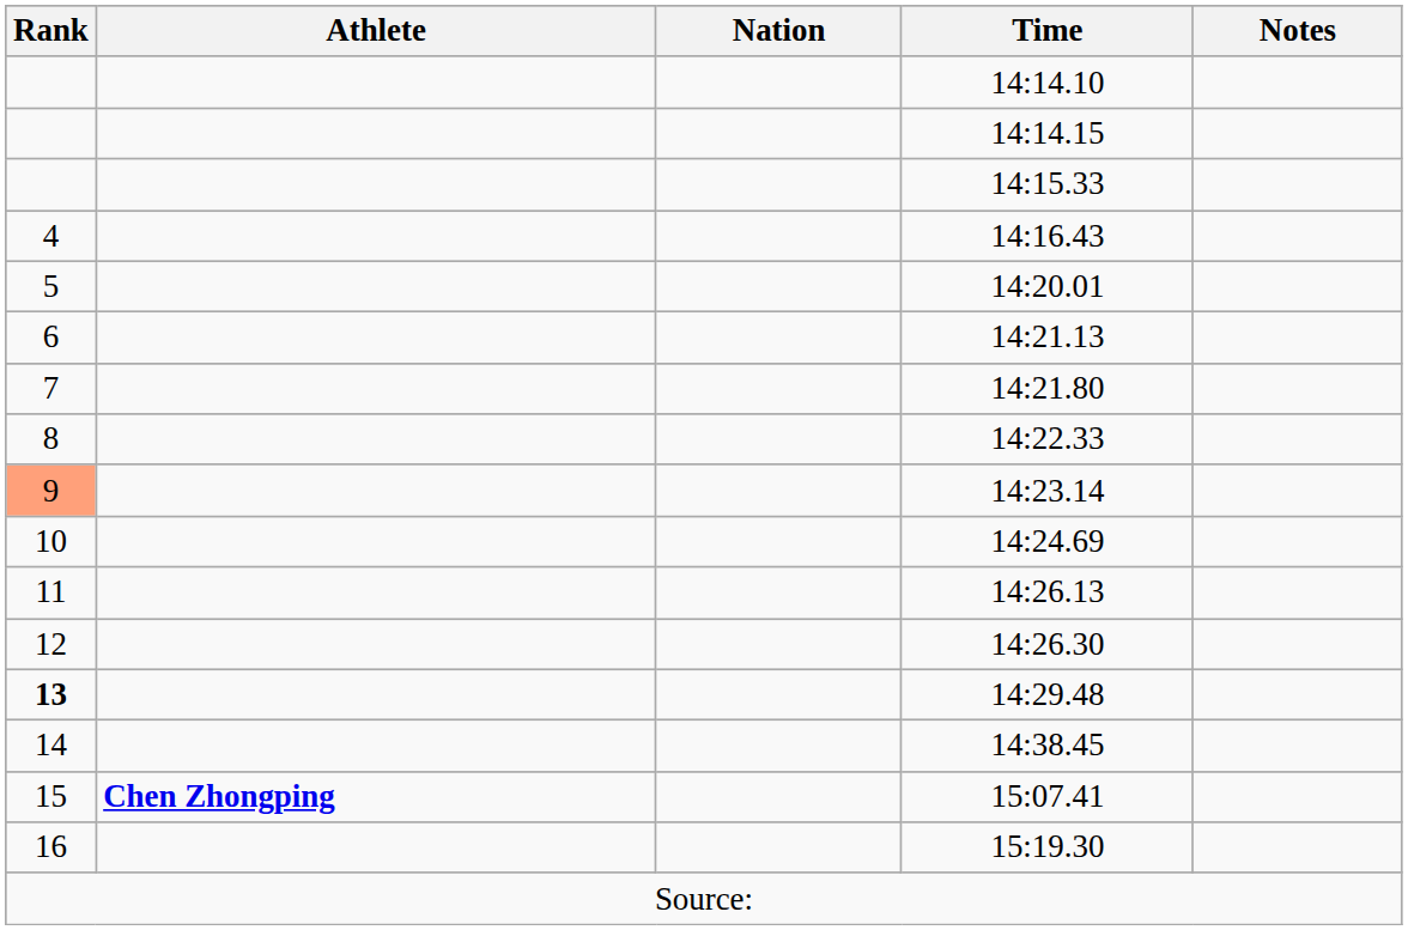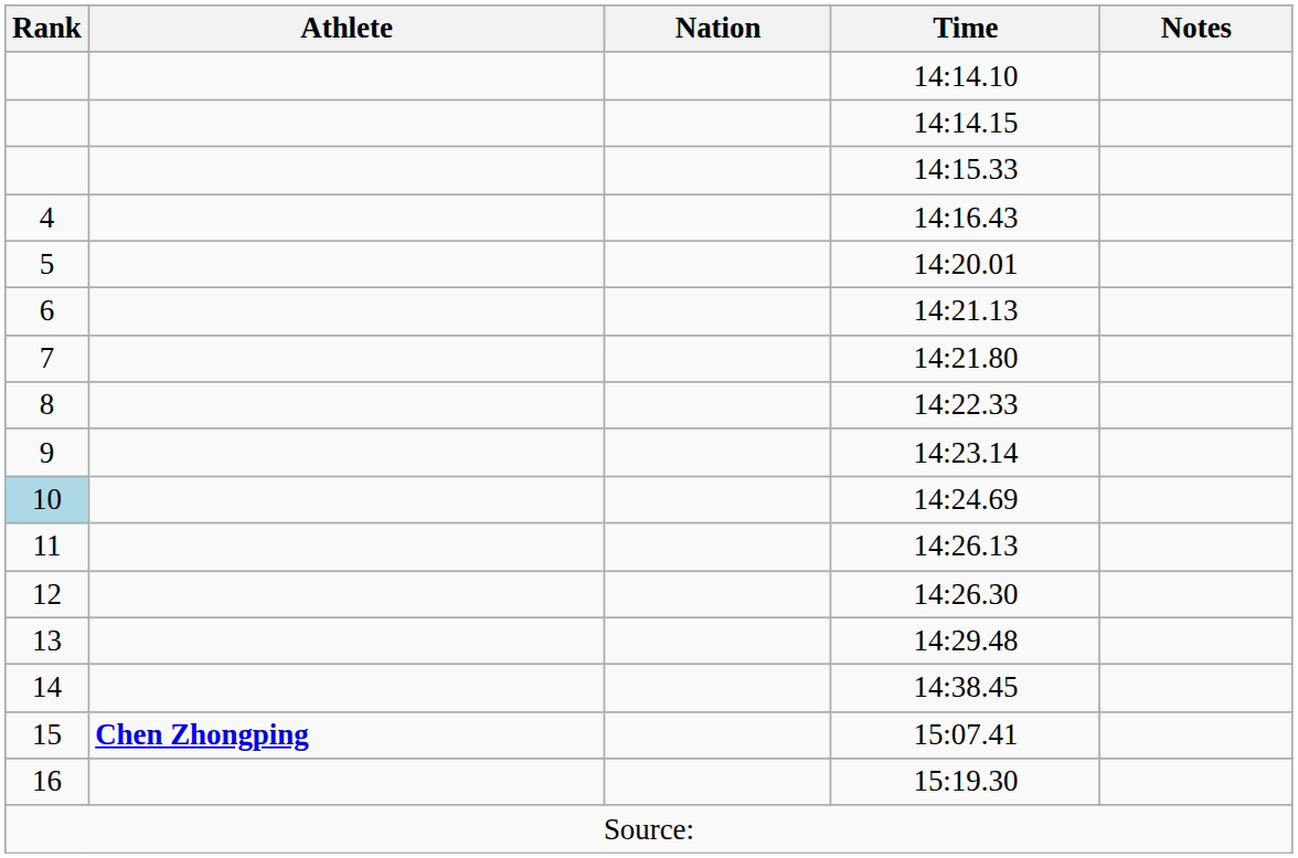 <table class="wikitable sortable" style="text-align:center;width: 55%;">
 <tr>
 <th scope="col" style="width: 10px;">Rank</th>
 <th scope="col">Athlete</th>
 <th scope="col">Nation</th>
 <th scope="col">Time</th>
 <th scope="col">Notes</th>
 </tr>
 <tr>
 <td></td>
 <td align=left></td>
 <td align=left></td>
 <td>14:14.10</td>
 <td></td>
 </tr>
 <tr>
 <td></td>
 <td align=left></td>
 <td align=left></td>
 <td>14:14.15</td>
 <td></td>
 </tr>
 <tr>
 <td></td>
 <td align=left></td>
 <td align=left></td>
 <td>14:15.33</td>
 <td></td>
 </tr>
 <tr>
 <td>4</td>
 <td align=left></td>
 <td align=left></td>
 <td>14:16.43</td>
 <td></td>
 </tr>
 <tr>
 <td>5</td>
 <td align=left></td>
 <td align=left></td>
 <td>14:20.01</td>
 <td></td>
 </tr>
 <tr>
 <td>6</td>
 <td align=left></td>
 <td align=left></td>
 <td>14:21.13</td>
 <td></td>
 </tr>
 <tr>
 <td>7</td>
 <td align=left></td>
 <td align=left></td>
 <td>14:21.80</td>
 <td></td>
 </tr>
 <tr>
 <td>8</td>
 <td align=left></td>
 <td align=left></td>
 <td>14:22.33</td>
 <td></td>
 </tr>
 <tr>
-<td style="background: lightsalmon;">9</td>
+<td>9</td>
 <td align=left></td>
 <td align=left></td>
 <td>14:23.14</td>
 <td></td>
 </tr>
 <tr>
-<td>10</td>
+<td style="background: lightblue;">10</td>
 <td align=left></td>
 <td align=left></td>
 <td>14:24.69</td>
 <td></td>
 </tr>
 <tr>
 <td>11</td>
 <td align=left></td>
 <td align=left></td>
 <td>14:26.13</td>
 <td></td>
 </tr>
 <tr>
 <td>12</td>
 <td align=left></td>
 <td align=left></td>
 <td>14:26.30</td>
 <td></td>
 </tr>
 <tr>
-<td><strong>13</strong></td>
+<td>13</td>
 <td align=left></td>
 <td align=left></td>
 <td>14:29.48</td>
 <td></td>
 </tr>
 <tr>
 <td>14</td>
 <td align=left></td>
 <td align=left></td>
 <td>14:38.45</td>
 <td></td>
 </tr>
 <tr>
 <td>15</td>
 <td align=left><strong><a href='#'>Chen Zhongping</a></strong></td>
 <td align=left></td>
 <td>15:07.41</td>
 <td></td>
 </tr>
 <tr>
 <td>16</td>
 <td align=left></td>
 <td align=left></td>
 <td>15:19.30</td>
 <td></td>
 </tr>
 <tr class="sortbottom">
 <td colspan="5">Source:</td>
 </tr>
 </table>
